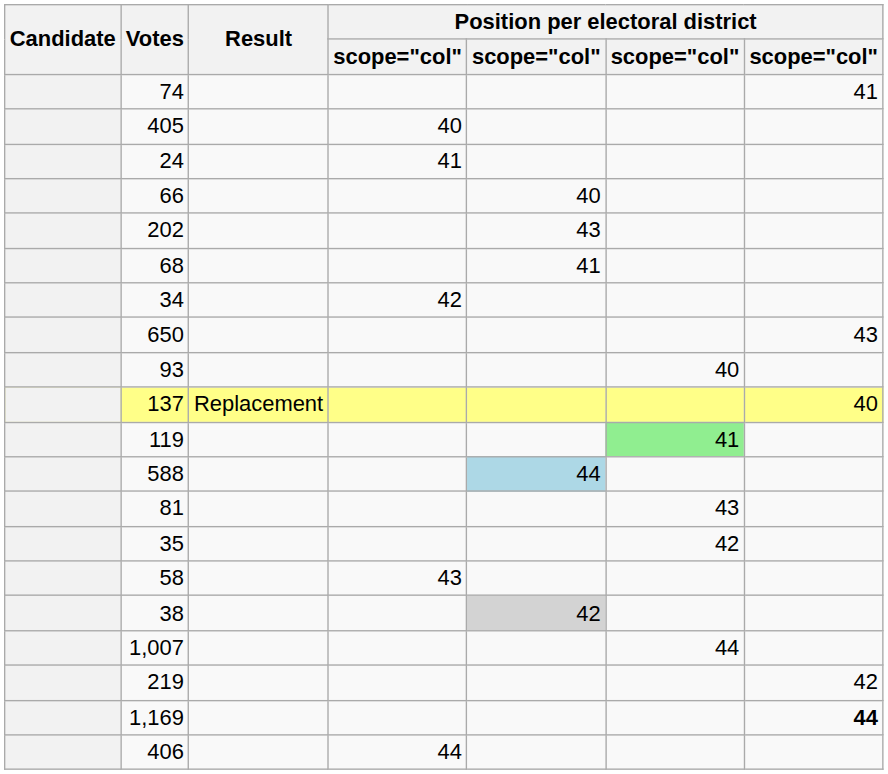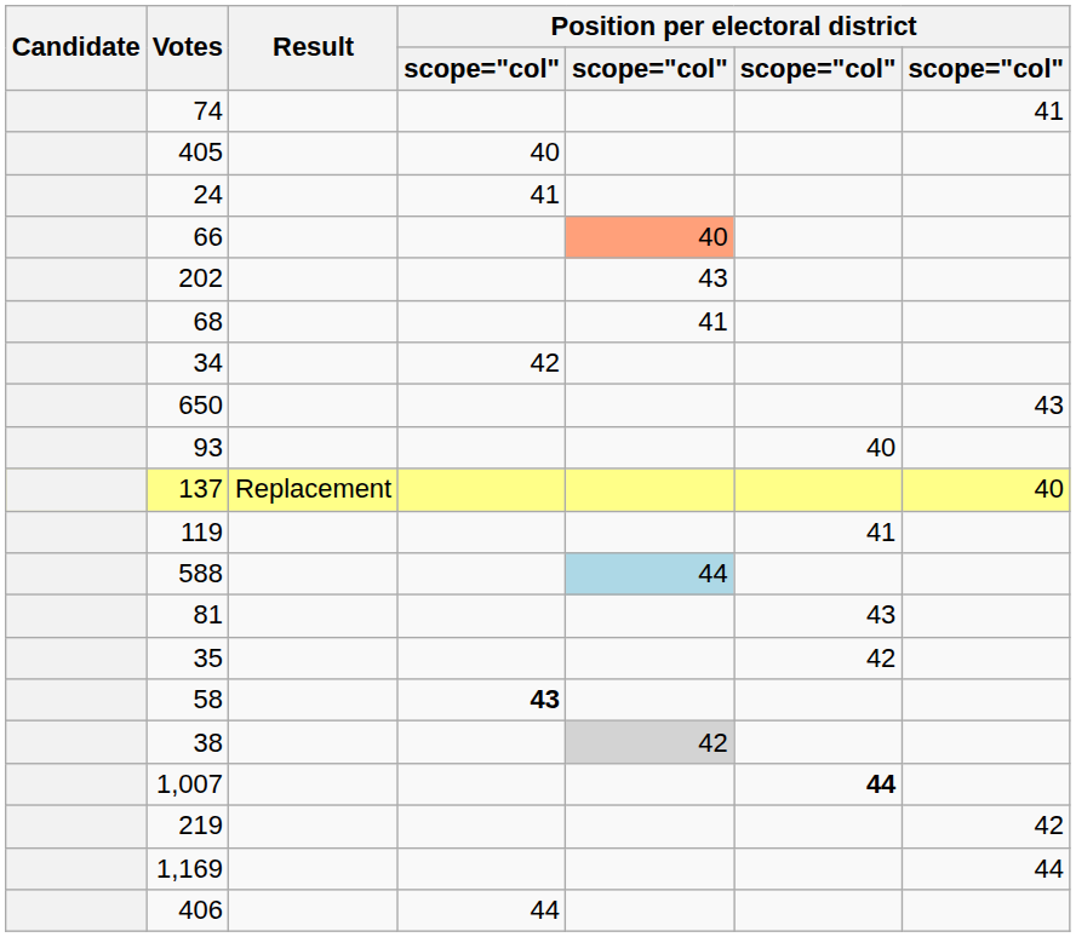 <table class="wikitable sortable">
 <tr>
 <th scope="col" rowspan="2">Candidate</th>
 <th scope="col" rowspan="2">Votes</th>
 <th scope="col" rowspan="2">Result</th>
 <th scope="col" colspan="4">Position per electoral district</th>
 </tr>
 <tr>
 <th>scope="col" </th>
 <th>scope="col" </th>
 <th>scope="col" </th>
 <th>scope="col" </th>
 </tr>
 <tr>
 <th scope="row"></th>
 <td style="text-align:right">74</td>
 <td></td>
 <td></td>
 <td></td>
 <td></td>
 <td style="text-align:right">41</td>
 </tr>
 <tr>
 <th scope="row"></th>
 <td style="text-align:right">405</td>
 <td></td>
 <td style="text-align:right">40</td>
 <td></td>
 <td></td>
 <td></td>
 </tr>
 <tr>
 <th scope="row"></th>
 <td style="text-align:right">24</td>
 <td></td>
 <td style="text-align:right">41</td>
 <td></td>
 <td></td>
 <td></td>
 </tr>
 <tr>
 <th scope="row"></th>
 <td style="text-align:right">66</td>
 <td></td>
 <td></td>
-<td style="text-align:right">40</td>
+<td style="background: lightsalmon; text-align:right">40</td>
 <td></td>
 <td></td>
 </tr>
 <tr>
 <th scope="row"></th>
 <td style="text-align:right">202</td>
 <td></td>
 <td></td>
 <td style="text-align:right">43</td>
 <td></td>
 <td></td>
 </tr>
 <tr>
 <th scope="row"></th>
 <td style="text-align:right">68</td>
 <td></td>
 <td></td>
 <td style="text-align:right">41</td>
 <td></td>
 <td></td>
 </tr>
 <tr>
 <th scope="row"></th>
 <td style="text-align:right">34</td>
 <td></td>
 <td style="text-align:right">42</td>
 <td></td>
 <td></td>
 <td></td>
 </tr>
 <tr>
 <th scope="row"></th>
 <td style="text-align:right">650</td>
 <td></td>
 <td></td>
 <td></td>
 <td></td>
 <td style="text-align:right">43</td>
 </tr>
 <tr>
 <th scope="row"></th>
 <td style="text-align:right">93</td>
 <td></td>
 <td></td>
 <td></td>
 <td style="text-align:right">40</td>
 <td></td>
 </tr>
 <tr bgcolor=#FF8>
 <th scope="row"></th>
 <td style="text-align:right">137</td>
 <td>Replacement</td>
 <td></td>
 <td></td>
 <td></td>
 <td style="text-align:right">40</td>
 </tr>
 <tr>
 <th scope="row"></th>
 <td style="text-align:right">119</td>
 <td></td>
 <td></td>
 <td></td>
-<td style="background: lightgreen; text-align:right">41</td>
+<td style="text-align:right">41</td>
 <td></td>
 </tr>
 <tr>
 <th scope="row"></th>
 <td style="text-align:right">588</td>
 <td></td>
 <td></td>
 <td style="background: lightblue; text-align:right">44</td>
 <td></td>
 <td></td>
 </tr>
 <tr>
 <th scope="row"></th>
 <td style="text-align:right">81</td>
 <td></td>
 <td></td>
 <td></td>
 <td style="text-align:right">43</td>
 <td></td>
 </tr>
 <tr>
 <th scope="row"></th>
 <td style="text-align:right">35</td>
 <td></td>
 <td></td>
 <td></td>
 <td style="text-align:right">42</td>
 <td></td>
 </tr>
 <tr>
 <th scope="row"></th>
 <td style="text-align:right">58</td>
 <td></td>
-<td style="text-align:right">43</td>
+<td style="text-align:right"><strong>43</strong></td>
 <td></td>
 <td></td>
 <td></td>
 </tr>
 <tr>
 <th scope="row"></th>
 <td style="text-align:right">38</td>
 <td></td>
 <td></td>
 <td style="background: lightgrey; text-align:right">42</td>
 <td></td>
 <td></td>
 </tr>
 <tr>
 <th scope="row"></th>
 <td style="text-align:right">1,007</td>
 <td></td>
 <td></td>
 <td></td>
-<td style="text-align:right">44</td>
+<td style="text-align:right"><strong>44</strong></td>
 <td></td>
 </tr>
 <tr>
 <th scope="row"></th>
 <td style="text-align:right">219</td>
 <td></td>
 <td></td>
 <td></td>
 <td></td>
 <td style="text-align:right">42</td>
 </tr>
 <tr>
 <th scope="row"></th>
 <td style="text-align:right">1,169</td>
 <td></td>
 <td></td>
 <td></td>
 <td></td>
-<td style="text-align:right"><strong>44</strong></td>
+<td style="text-align:right">44</td>
 </tr>
 <tr>
 <th scope="row"></th>
 <td style="text-align:right">406</td>
 <td></td>
 <td style="text-align:right">44</td>
 <td></td>
 <td></td>
 <td></td>
 </tr>
 </table>
